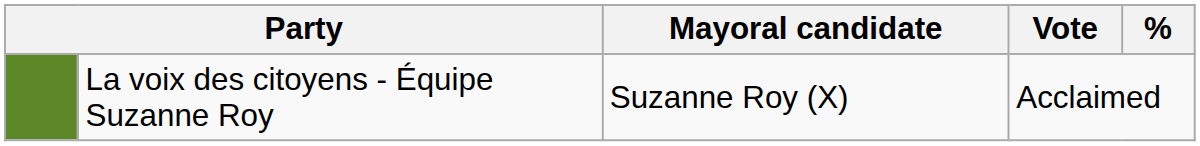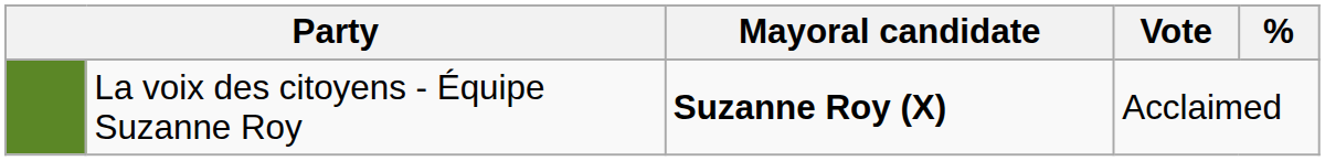 <table class="wikitable">
 <tr>
 <th bgcolor="#DDDDFF" width="370px" colspan="2">Party</th>
 <th bgcolor="#DDDDFF" width="200px">Mayoral candidate</th>
 <th bgcolor="#DDDDFF" width="50px">Vote</th>
 <th bgcolor="#DDDDFF" width="30px">%</th>
 </tr>
 <tr>
 <td bgcolor=#5B8726  width="30px"> </td>
 <td>La voix des citoyens - Équipe Suzanne Roy</td>
-<td>Suzanne Roy (X)</td>
+<td><strong>Suzanne Roy (X)</strong></td>
 <td colspan="2">Acclaimed</td>
 </tr>
 </table>
